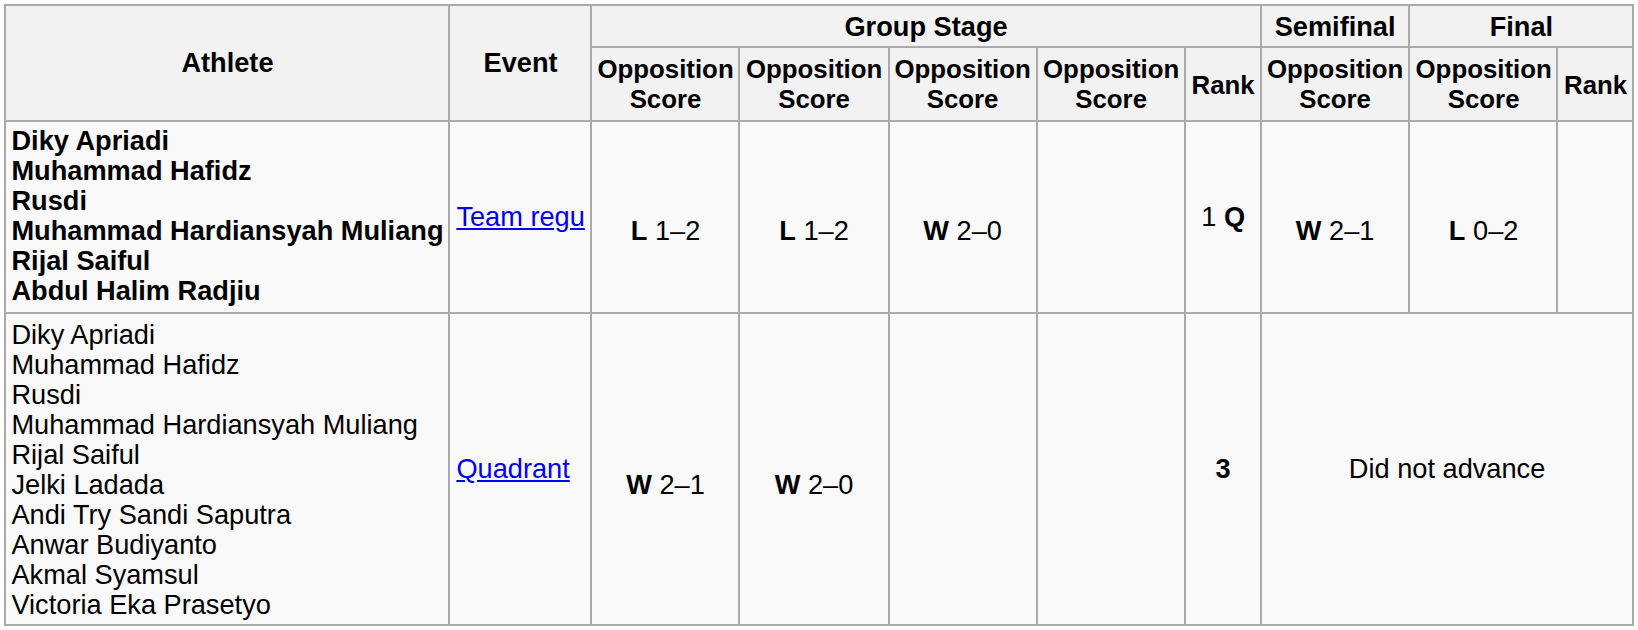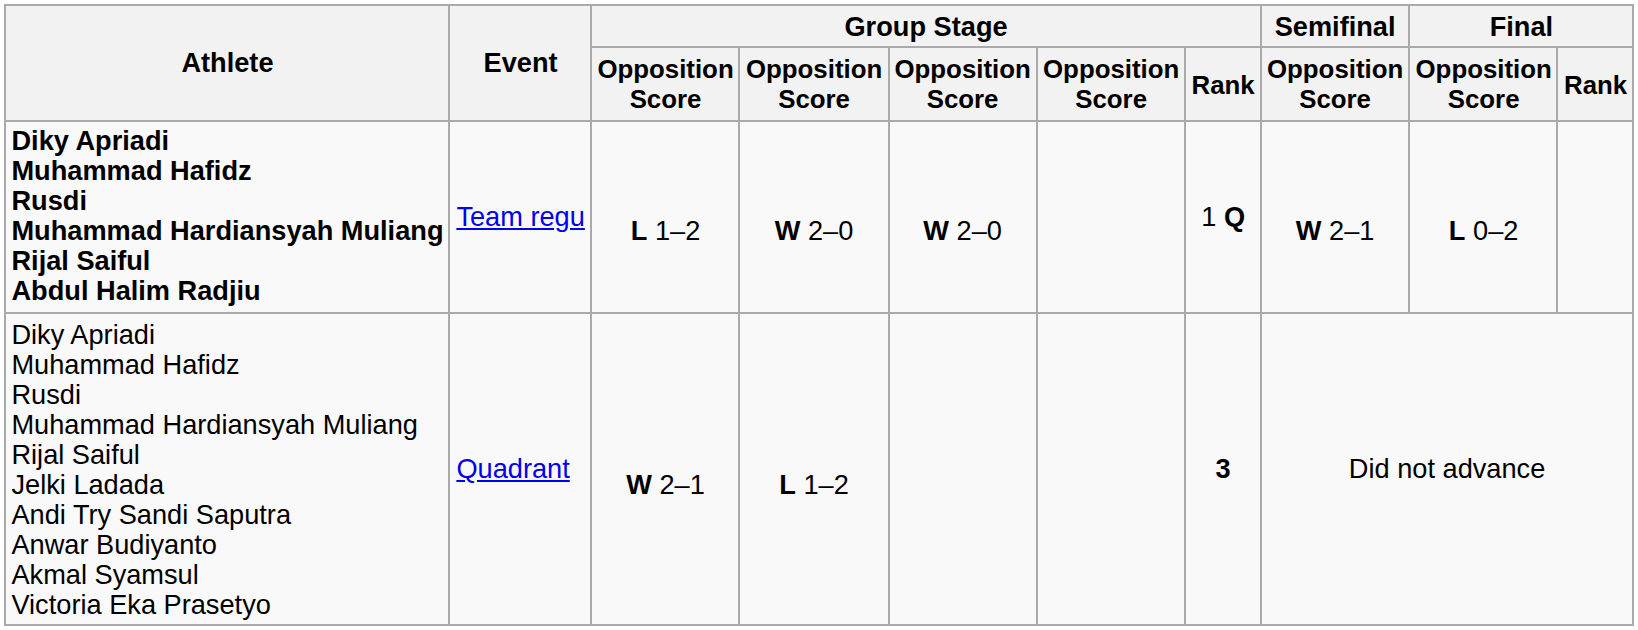 <table class=wikitable style=font-size:85%;text-align:center>
 <tr>
 <th rowspan="2">Athlete</th>
 <th rowspan="2">Event</th>
 <th colspan=5>Group Stage</th>
 <th>Semifinal</th>
 <th colspan=2>Final</th>
 </tr>
 <tr style="font-size:95%">
 <th>Opposition<br>Score</th>
 <th>Opposition<br>Score</th>
 <th>Opposition<br>Score</th>
 <th>Opposition<br>Score</th>
 <th>Rank</th>
 <th>Opposition<br>Score</th>
 <th>Opposition<br>Score</th>
 <th>Rank</th>
 </tr>
 <tr>
 <td align=left><strong>Diky Apriadi<br>Muhammad Hafidz<br>Rusdi<br>Muhammad Hardiansyah Muliang<br>Rijal Saiful<br>Abdul Halim Radjiu</strong></td>
 <td align=left><a href='#'>Team regu</a></td>
 <td><br><strong>L</strong> 1–2</td>
-<td><br><strong>L</strong> 1–2</td>
+<td><br><strong>W</strong> 2–0</td>
 <td><br><strong>W</strong> 2–0</td>
 <td></td>
 <td>1 <strong>Q</strong></td>
 <td><br><strong>W</strong> 2–1</td>
 <td><br><strong>L</strong> 0–2</td>
 <td></td>
 </tr>
 <tr>
 <td align=left>Diky Apriadi<br>Muhammad Hafidz<br>Rusdi<br>Muhammad Hardiansyah Muliang<br>Rijal Saiful<br>Jelki Ladada<br>Andi Try Sandi Saputra<br>Anwar Budiyanto<br>Akmal Syamsul<br>Victoria Eka Prasetyo</td>
 <td align=left><a href='#'>Quadrant</a></td>
 <td><br><strong>W</strong> 2–1</td>
-<td><br><strong>W</strong> 2–0</td>
+<td><br><strong>L</strong> 1–2</td>
 <td></td>
 <td></td>
 <td><strong>3</strong></td>
 <td colspan=3>Did not advance</td>
 </tr>
 </table>
